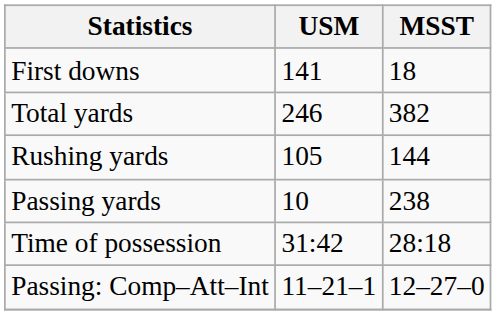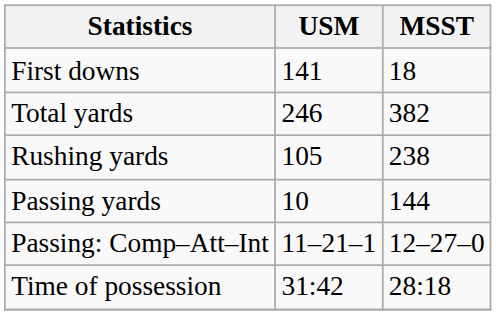 <table class="wikitable" style="float: left;">
 <tr>
 <th>Statistics</th>
 <th>USM</th>
 <th>MSST</th>
 </tr>
 <tr>
 <td>First downs</td>
 <td>141</td>
 <td>18</td>
 </tr>
 <tr>
 <td>Total yards</td>
 <td>246</td>
 <td>382</td>
 </tr>
 <tr>
 <td>Rushing yards</td>
 <td>105</td>
-<td>144</td>
+<td>238</td>
 </tr>
 <tr>
 <td>Passing yards</td>
 <td>10</td>
-<td>238</td>
+<td>144</td>
+</tr>
+<tr>
+<td>Passing: Comp–Att–Int</td>
+<td>11–21–1</td>
+<td>12–27–0</td>
 </tr>
 <tr>
 <td>Time of possession</td>
 <td>31:42</td>
 <td>28:18</td>
 </tr>
 <tr>
-<td>Passing: Comp–Att–Int</td>
-<td>11–21–1</td>
-<td>12–27–0</td>
-</tr>
-<tr>
 </tr>
 </table>
